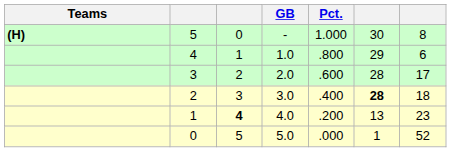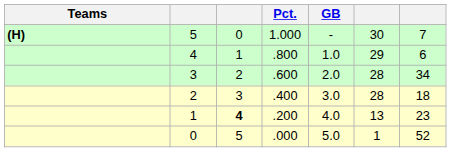 <table class="wikitable" style="text-align:center;">
 <tr>
 <th width = 200px>Teams</th>
 <th width = 50px></th>
 <th width = 50px></th>
+<th width = 50px><a href='#'>Pct.</a></th>
 <th width = 50px><a href='#'>GB</a></th>
-<th width = 50px><a href='#'>Pct.</a></th>
 <th width = 50px></th>
 <th width = 50px></th>
 </tr>
 <tr style="background-color:#ccffcc">
 <td align="left"> <strong>(H)</strong></td>
 <td>5</td>
 <td>0</td>
+<td>1.000</td>
 <td>-</td>
-<td>1.000</td>
 <td>30</td>
-<td>8</td>
+<td>7</td>
 </tr>
 <tr style="background-color:#ccffcc">
 <td align="left"></td>
 <td>4</td>
 <td>1</td>
+<td>.800</td>
 <td>1.0</td>
-<td>.800</td>
 <td>29</td>
 <td>6</td>
 </tr>
 <tr style = "background-color:#ccffcc">
 <td align = left></td>
 <td>3</td>
 <td>2</td>
+<td>.600</td>
 <td>2.0</td>
-<td>.600</td>
 <td>28</td>
-<td>17</td>
+<td>34</td>
 </tr>
 <tr style = "background-color:#ffffcc">
 <td align = left></td>
 <td>2</td>
 <td>3</td>
+<td>.400</td>
 <td>3.0</td>
-<td>.400</td>
-<td><strong>28</strong></td>
+<td>28</td>
 <td>18</td>
 </tr>
 <tr style = "background-color:#ffffcc">
 <td align = left></td>
 <td>1</td>
 <td><strong>4</strong></td>
+<td>.200</td>
 <td>4.0</td>
-<td>.200</td>
 <td>13</td>
 <td>23</td>
 </tr>
 <tr style= "background-color:#ffffcc">
 <td align = left></td>
 <td>0</td>
 <td>5</td>
+<td>.000</td>
 <td>5.0</td>
-<td>.000</td>
 <td>1</td>
 <td>52</td>
 </tr>
 </table>
